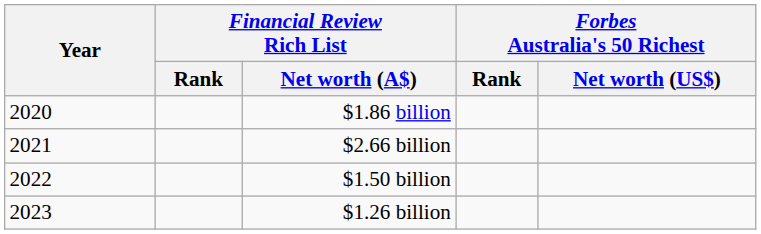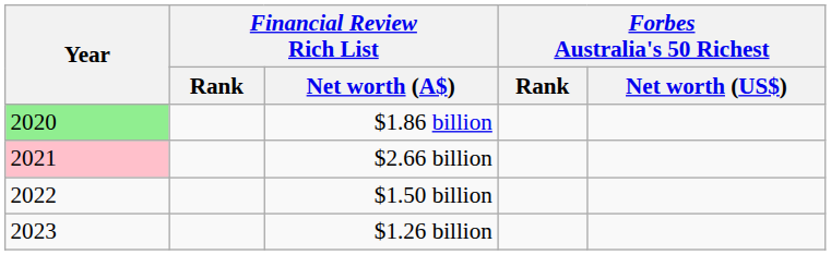 <table class="wikitable">
 <tr>
 <th rowspan=2>Year</th>
 <th colspan="2" style="width:40%;"><em><a href='#'>Financial Review</a></em><br><a href='#'>Rich List</a></th>
 <th colspan="2" style="width:40%;"><em><a href='#'>Forbes</a></em><br><a href='#'>Australia's 50 Richest</a></th>
 </tr>
 <tr>
 <th>Rank</th>
 <th><a href='#'>Net worth</a> (<a href='#'>A$</a>)</th>
 <th>Rank</th>
 <th><a href='#'>Net worth</a> (<a href='#'>US$</a>)</th>
 </tr>
 <tr>
-<td>2020</td>
+<td style="background: lightgreen;">2020</td>
 <td align="center"></td>
 <td align="right">$1.86 <a href='#'>billion</a> </td>
 <td align="center"></td>
 <td align="right"></td>
 </tr>
 <tr>
-<td>2021</td>
+<td style="background: pink;">2021</td>
 <td align="center"></td>
 <td align="right">$2.66 billion </td>
 <td align="center"></td>
 <td align="right"></td>
 </tr>
 <tr>
 <td>2022</td>
 <td align="center"></td>
 <td align="right">$1.50 billion </td>
 <td align="center"></td>
 <td align="right"></td>
 </tr>
 <tr>
 <td>2023</td>
 <td align="center"></td>
 <td align="right">$1.26 billion </td>
 <td align="center"></td>
 <td align="right"></td>
 </tr>
 </table>
